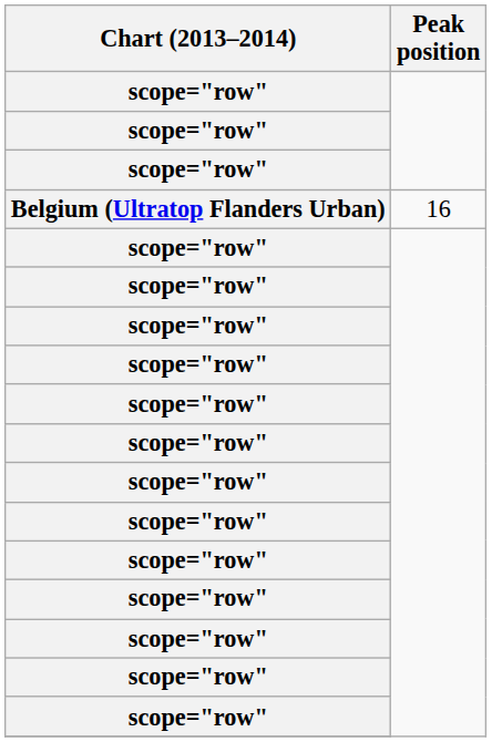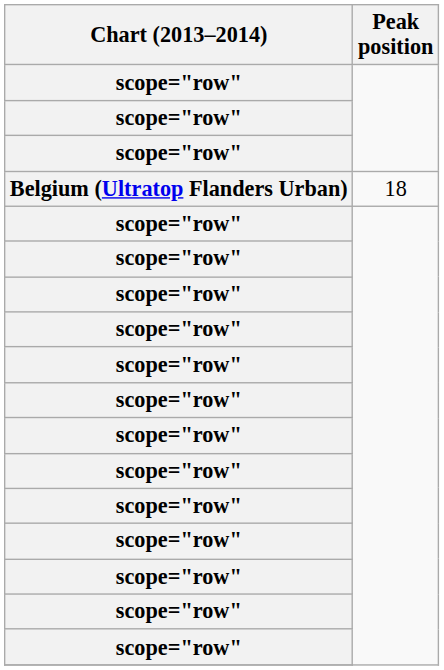 <table class="wikitable sortable plainrowheaders">
 <tr>
 <th scope="col">Chart (2013–2014)</th>
 <th scope="col">Peak<br>position</th>
 </tr>
 <tr>
 <th>scope="row"</th>
 </tr>
 <tr>
 <th>scope="row"</th>
 </tr>
 <tr>
 <th>scope="row"</th>
 </tr>
 <tr>
 <th scope="row">Belgium (<a href='#'>Ultratop</a> Flanders Urban)</th>
-<td align=center>16</td>
+<td align=center>18</td>
 </tr>
 <tr>
 <th>scope="row"</th>
 </tr>
 <tr>
 <th>scope="row"</th>
 </tr>
 <tr>
 <th>scope="row"</th>
 </tr>
 <tr>
 <th>scope="row"</th>
 </tr>
 <tr>
 <th>scope="row"</th>
 </tr>
 <tr>
 <th>scope="row"</th>
 </tr>
 <tr>
 <th>scope="row"</th>
 </tr>
 <tr>
 <th>scope="row" </th>
 </tr>
 <tr>
 <th>scope="row" </th>
 </tr>
 <tr>
 <th>scope="row"</th>
 </tr>
 <tr>
 <th>scope="row"</th>
 </tr>
 <tr>
 <th>scope="row"</th>
 </tr>
 <tr>
 <th>scope="row"</th>
 </tr>
 <tr>
 </tr>
 </table>
